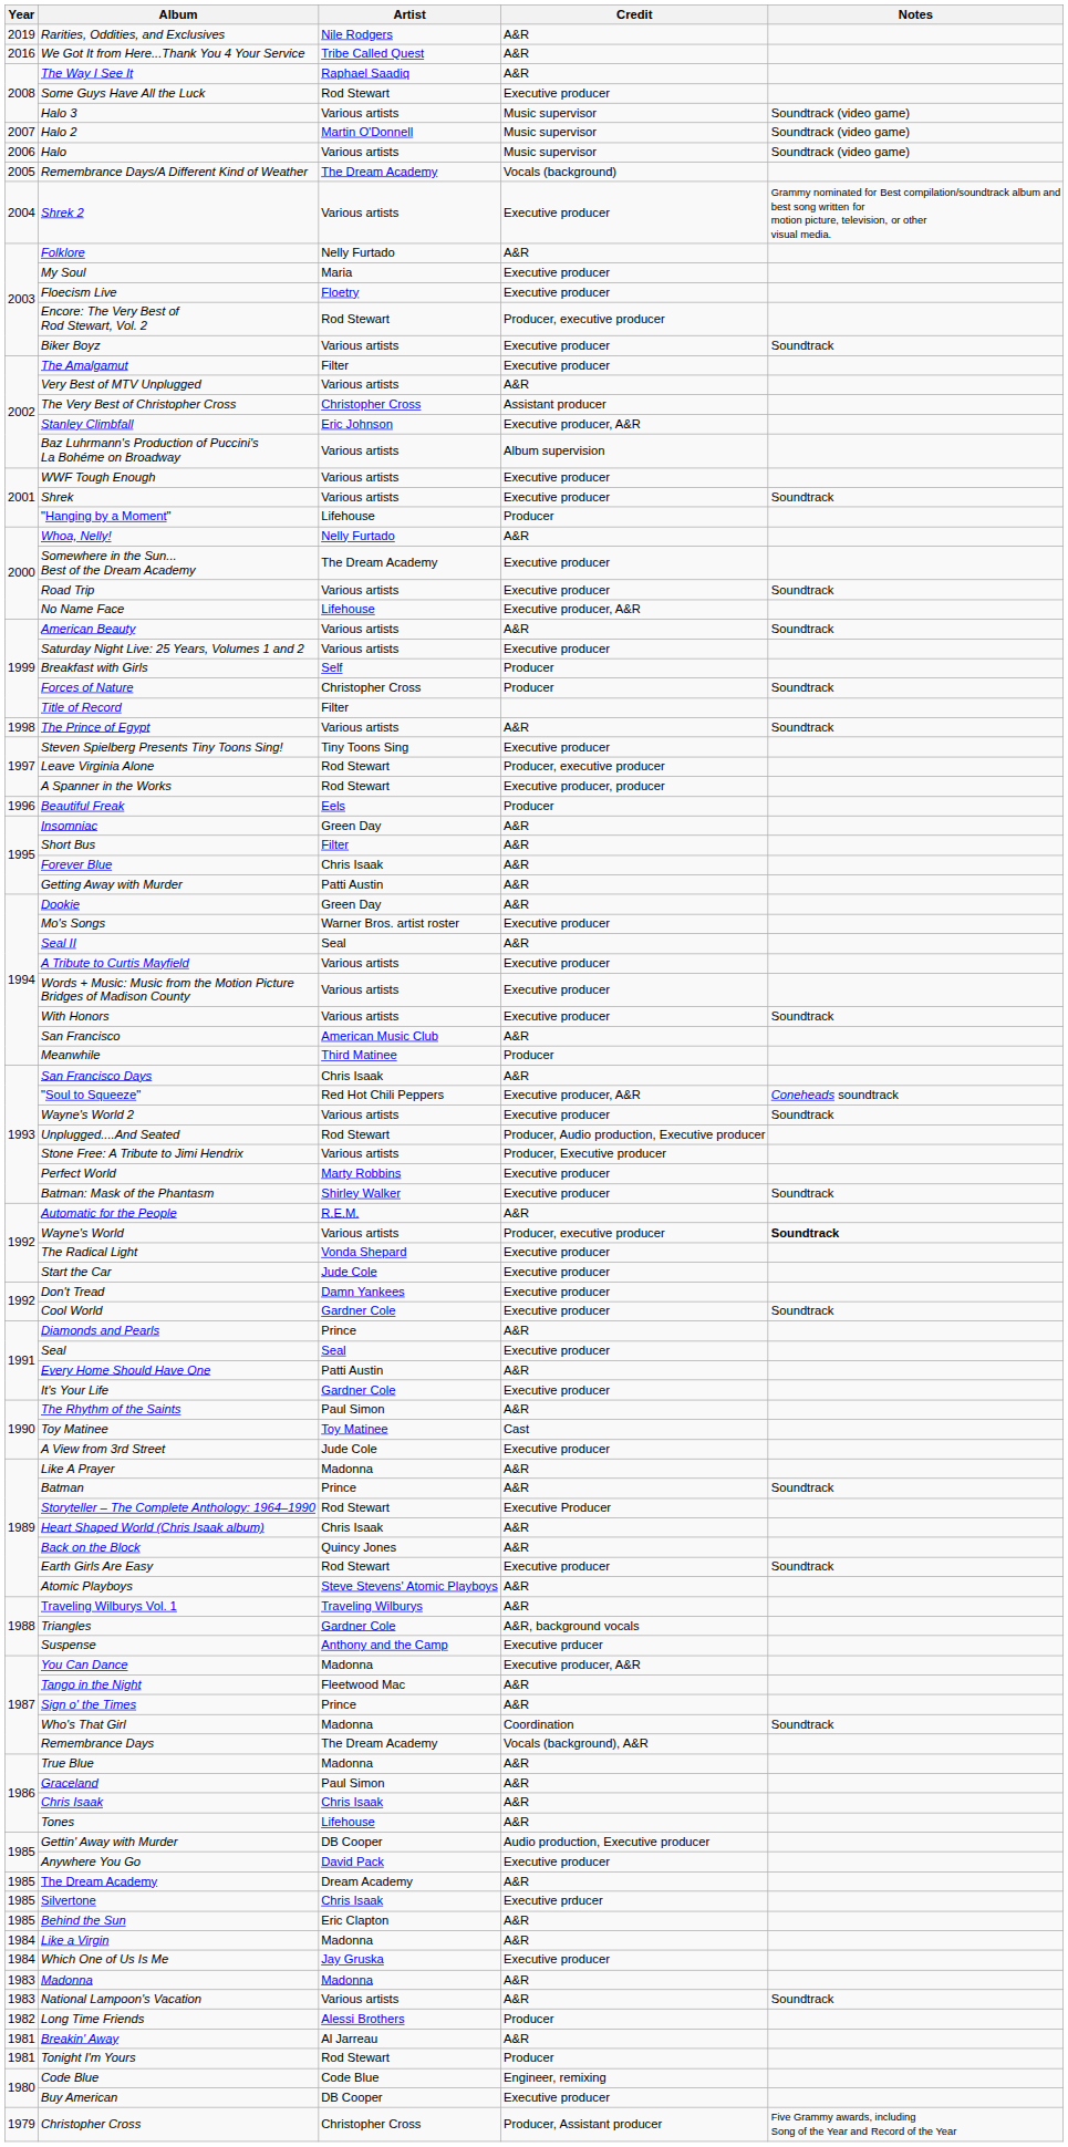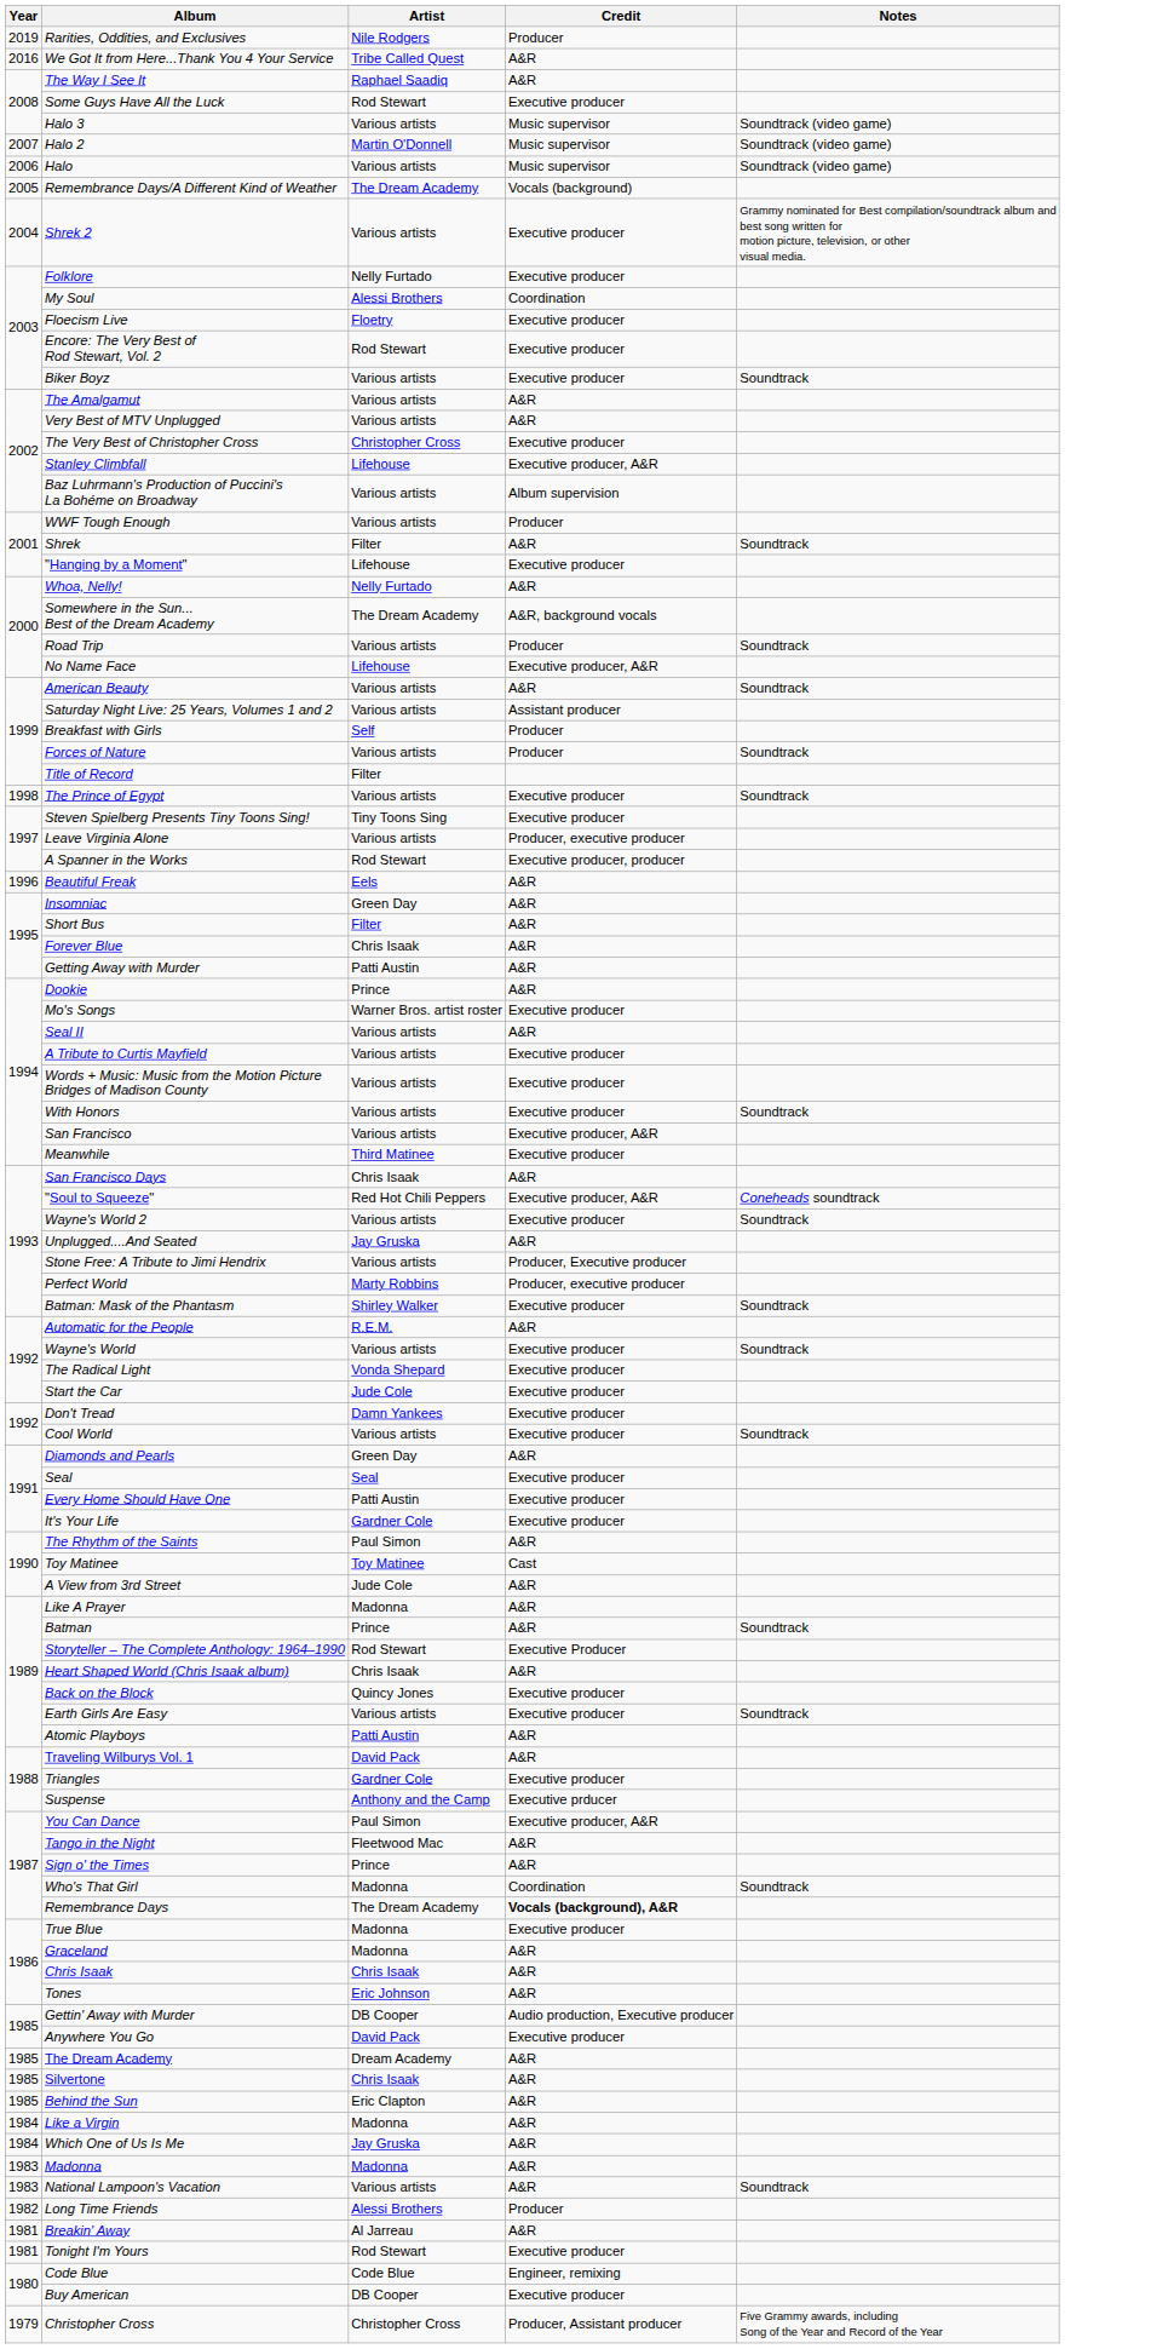 <table class="wikitable sortable">
 <tr>
 <th>Year</th>
 <th>Album</th>
 <th>Artist</th>
 <th>Credit</th>
 <th>Notes</th>
 </tr>
 <tr>
 <td>2019</td>
 <td><em>Rarities, Oddities, and Exclusives</em></td>
 <td><a href='#'>Nile Rodgers</a></td>
-<td>A&R</td>
+<td>Producer</td>
 <td></td>
 </tr>
 <tr>
 <td>2016</td>
 <td><em>We Got It from Here...Thank You 4 Your Service</em></td>
 <td><a href='#'>Tribe Called Quest</a></td>
 <td>A&R</td>
 <td></td>
 </tr>
 <tr>
 <td rowspan="3">2008</td>
 <td><em><a href='#'>The Way I See It</a></em></td>
 <td><a href='#'>Raphael Saadiq</a></td>
 <td>A&R</td>
 <td></td>
 </tr>
 <tr>
 <td><em>Some Guys Have All the Luck</em></td>
 <td>Rod Stewart</td>
 <td>Executive producer</td>
 <td></td>
 </tr>
 <tr>
 <td><em>Halo 3</em></td>
 <td>Various artists</td>
 <td>Music supervisor</td>
 <td>Soundtrack (video game)</td>
 </tr>
 <tr>
 <td>2007</td>
 <td><em>Halo 2</em></td>
 <td><a href='#'>Martin O'Donnell</a></td>
 <td>Music supervisor</td>
 <td>Soundtrack (video game)</td>
 </tr>
 <tr>
 <td>2006</td>
 <td><em>Halo</em></td>
 <td>Various artists</td>
 <td>Music supervisor</td>
 <td>Soundtrack (video game)</td>
 </tr>
 <tr>
 <td>2005</td>
 <td><em>Remembrance Days/A Different Kind of Weather</em></td>
 <td><a href='#'>The Dream Academy</a></td>
 <td>Vocals (background)</td>
 <td></td>
 </tr>
 <tr>
 <td>2004</td>
 <td><em><a href='#'>Shrek 2</a></em></td>
 <td>Various artists</td>
 <td>Executive producer</td>
 <td><small>Grammy nominated for</small> <small>Best compilation/</small><small>soundtrack album and</small><br><small>best song written</small> <small>for<br> motion picture, television,</small> <small>or other <br>visual media.</small></td>
 </tr>
 <tr>
 <td rowspan="5">2003</td>
 <td><a href='#'><em>Folklore</em></a></td>
 <td>Nelly Furtado</td>
-<td>A&R</td>
+<td>Executive producer</td>
 <td></td>
 </tr>
 <tr>
 <td><em>My Soul</em></td>
-<td>Maria</td>
-<td>Executive producer</td>
+<td><a href='#'>Alessi Brothers</a></td>
+<td>Coordination</td>
 <td></td>
 </tr>
 <tr>
 <td><em>Floecism Live</em></td>
 <td><a href='#'>Floetry</a></td>
 <td>Executive producer</td>
 <td></td>
 </tr>
 <tr>
 <td><em>Encore: The Very Best of <br>Rod Stewart, Vol. 2</em></td>
 <td>Rod Stewart</td>
-<td>Producer, executive producer</td>
+<td>Executive producer</td>
 <td></td>
 </tr>
 <tr>
 <td><em>Biker Boyz</em></td>
 <td>Various artists</td>
 <td>Executive producer</td>
 <td>Soundtrack</td>
 </tr>
 <tr>
 <td rowspan="5">2002</td>
 <td><em><a href='#'>The Amalgamut</a></em></td>
-<td>Filter</td>
-<td>Executive producer</td>
+<td>Various artists</td>
+<td>A&R</td>
 <td></td>
 </tr>
 <tr>
 <td><em>Very Best of MTV Unplugged</em></td>
 <td>Various artists</td>
 <td>A&R</td>
 <td></td>
 </tr>
 <tr>
 <td><em>The Very Best of Christopher Cross</em></td>
 <td><a href='#'>Christopher Cross</a></td>
-<td>Assistant producer</td>
+<td>Executive producer</td>
 <td></td>
 </tr>
 <tr>
 <td><em><a href='#'>Stanley Climbfall</a></em></td>
-<td><a href='#'>Eric Johnson</a></td>
+<td><a href='#'>Lifehouse</a></td>
 <td>Executive producer, A&R</td>
 <td></td>
 </tr>
 <tr>
 <td><em>Baz Luhrmann's Production of Puccini's <br>La Bohéme on Broadway</em></td>
 <td>Various artists</td>
 <td>Album supervision</td>
 <td></td>
 </tr>
 <tr>
 <td rowspan="3">2001</td>
 <td><em>WWF Tough Enough</em></td>
 <td>Various artists</td>
-<td>Executive producer</td>
+<td>Producer</td>
 <td></td>
 </tr>
 <tr>
 <td><em>Shrek</em></td>
-<td>Various artists</td>
-<td>Executive producer</td>
+<td>Filter</td>
+<td>A&R</td>
 <td>Soundtrack</td>
 </tr>
 <tr>
 <td>"<a href='#'>Hanging by a Moment</a>"</td>
 <td>Lifehouse</td>
-<td>Producer</td>
+<td>Executive producer</td>
 <td></td>
 </tr>
 <tr>
 <td rowspan="4">2000</td>
 <td><em><a href='#'>Whoa, Nelly!</a></em></td>
 <td><a href='#'>Nelly Furtado</a></td>
 <td>A&R</td>
 <td></td>
 </tr>
 <tr>
 <td><em>Somewhere in the Sun... <br> Best of the Dream Academy</em></td>
 <td>The Dream Academy</td>
-<td>Executive producer</td>
+<td>A&R, background vocals</td>
 <td></td>
 </tr>
 <tr>
 <td><em>Road Trip</em></td>
 <td>Various artists</td>
-<td>Executive producer</td>
+<td>Producer</td>
 <td>Soundtrack</td>
 </tr>
 <tr>
 <td><em>No Name Face</em></td>
 <td><a href='#'>Lifehouse</a></td>
 <td>Executive producer, A&R</td>
 <td></td>
 </tr>
 <tr>
 <td rowspan="5">1999</td>
 <td><a href='#'><em>American Beauty</em></a></td>
 <td>Various artists</td>
 <td>A&R</td>
 <td>Soundtrack</td>
 </tr>
 <tr>
 <td><em>Saturday Night Live: 25 Years, Volumes 1 and 2</em></td>
 <td>Various artists</td>
-<td>Executive producer</td>
+<td>Assistant producer</td>
 <td></td>
 </tr>
 <tr>
 <td><em>Breakfast with Girls</em></td>
 <td><a href='#'>Self</a></td>
 <td>Producer</td>
 <td></td>
 </tr>
 <tr>
 <td><a href='#'><em>Forces of Nature</em></a></td>
-<td>Christopher Cross</td>
+<td>Various artists</td>
 <td>Producer</td>
 <td>Soundtrack</td>
 </tr>
 <tr>
 <td><em><a href='#'>Title of Record</a></em></td>
 <td>Filter</td>
 <td></td>
 <td></td>
 </tr>
 <tr>
 <td>1998</td>
 <td><a href='#'><em>The Prince of Egypt</em></a></td>
 <td>Various artists</td>
-<td>A&R</td>
+<td>Executive producer</td>
 <td>Soundtrack</td>
 </tr>
 <tr>
 <td rowspan="3">1997</td>
 <td><em>Steven Spielberg Presents Tiny Toons Sing!</em></td>
 <td>Tiny Toons Sing</td>
 <td>Executive producer</td>
 <td></td>
 </tr>
 <tr>
 <td><em>Leave Virginia Alone</em></td>
-<td>Rod Stewart</td>
+<td>Various artists</td>
 <td>Producer, executive producer</td>
 <td></td>
 </tr>
 <tr>
 <td><em>A Spanner in the Works</em></td>
 <td>Rod Stewart</td>
 <td>Executive producer, producer</td>
 <td></td>
 </tr>
 <tr>
 <td>1996</td>
 <td><em><a href='#'>Beautiful Freak</a></em></td>
 <td><a href='#'>Eels</a></td>
-<td>Producer</td>
+<td>A&R</td>
 <td></td>
 </tr>
 <tr>
 <td rowspan="4">1995</td>
 <td><a href='#'><em>Insomniac</em></a></td>
 <td>Green Day</td>
 <td>A&R</td>
 <td></td>
 </tr>
 <tr>
 <td><em>Short Bus</em></td>
 <td><a href='#'>Filter</a></td>
 <td>A&R</td>
 <td></td>
 </tr>
 <tr>
 <td><a href='#'><em>Forever Blue</em></a></td>
 <td>Chris Isaak</td>
 <td>A&R</td>
 <td></td>
 </tr>
 <tr>
 <td><em>Getting Away with Murder</em></td>
 <td>Patti Austin</td>
 <td>A&R</td>
 <td></td>
 </tr>
 <tr>
 <td rowspan="8">1994</td>
 <td><em><a href='#'>Dookie</a></em></td>
-<td>Green Day</td>
+<td>Prince</td>
 <td>A&R</td>
 <td></td>
 </tr>
 <tr>
 <td><em>Mo's Songs</em></td>
 <td>Warner Bros. artist roster</td>
 <td>Executive producer</td>
 <td></td>
 </tr>
 <tr>
 <td><em><a href='#'>Seal II</a></em></td>
-<td>Seal</td>
+<td>Various artists</td>
 <td>A&R</td>
 <td></td>
 </tr>
 <tr>
 <td><em><a href='#'>A Tribute to Curtis Mayfield</a></em></td>
 <td>Various artists</td>
 <td>Executive producer</td>
 <td></td>
 </tr>
 <tr>
 <td><em>Words + Music: Music from the Motion Picture<br>Bridges of Madison County</em></td>
 <td>Various artists</td>
 <td>Executive producer</td>
 <td></td>
 </tr>
 <tr>
 <td><em>With Honors</em></td>
 <td>Various artists</td>
 <td>Executive producer</td>
 <td>Soundtrack</td>
 </tr>
 <tr>
 <td><em>San Francisco</em></td>
-<td><a href='#'>American Music Club</a></td>
-<td>A&R</td>
+<td>Various artists</td>
+<td>Executive producer, A&R</td>
 <td></td>
 </tr>
 <tr>
 <td><em>Meanwhile</em></td>
 <td><a href='#'>Third Matinee</a></td>
-<td>Producer</td>
+<td>Executive producer</td>
 <td></td>
 </tr>
 <tr>
 <td rowspan="7">1993</td>
 <td><em><a href='#'>San Francisco Days</a></em></td>
 <td>Chris Isaak</td>
 <td>A&R</td>
 <td></td>
 </tr>
 <tr>
 <td>"<a href='#'>Soul to Squeeze</a>"</td>
 <td>Red Hot Chili Peppers</td>
 <td>Executive producer, A&R</td>
 <td><a href='#'><em>Coneheads</em></a> soundtrack</td>
 </tr>
 <tr>
 <td><em>Wayne's World 2</em></td>
 <td>Various artists</td>
 <td>Executive producer</td>
 <td>Soundtrack</td>
 </tr>
 <tr>
 <td><em>Unplugged....And Seated</em></td>
-<td>Rod Stewart</td>
-<td>Producer, Audio production, Executive producer</td>
+<td><a href='#'>Jay Gruska</a></td>
+<td>A&R</td>
 <td></td>
 </tr>
 <tr>
 <td><em>Stone Free: A Tribute to Jimi Hendrix</em></td>
 <td>Various artists</td>
 <td>Producer, Executive producer</td>
 <td></td>
 </tr>
 <tr>
 <td><em>Perfect World</em></td>
 <td><a href='#'>Marty Robbins</a></td>
-<td>Executive producer</td>
+<td>Producer, executive producer</td>
 <td></td>
 </tr>
 <tr>
 <td><em>Batman: Mask of the Phantasm</em></td>
 <td><a href='#'>Shirley Walker</a></td>
 <td>Executive producer</td>
 <td>Soundtrack</td>
 </tr>
 <tr>
 <td rowspan="4">1992</td>
 <td><em><a href='#'>Automatic for the People</a></em></td>
 <td><a href='#'>R.E.M.</a></td>
 <td>A&R</td>
 <td></td>
 </tr>
 <tr>
 <td><em>Wayne's World</em></td>
 <td>Various artists</td>
-<td>Producer, executive producer</td>
-<td><strong>Soundtrack</strong></td>
+<td>Executive producer</td>
+<td>Soundtrack</td>
 </tr>
 <tr>
 <td><em>The Radical Light</em></td>
 <td><a href='#'>Vonda Shepard</a></td>
 <td>Executive producer</td>
 <td></td>
 </tr>
 <tr>
 <td><em>Start the Car</em></td>
 <td><a href='#'>Jude Cole</a></td>
 <td>Executive producer</td>
 <td></td>
 </tr>
 <tr>
 <td rowspan="2">1992</td>
 <td><em>Don't Tread</em></td>
 <td><a href='#'>Damn Yankees</a></td>
 <td>Executive producer</td>
 <td></td>
 </tr>
 <tr>
 <td><em>Cool World</em></td>
-<td><a href='#'>Gardner Cole</a></td>
+<td>Various artists</td>
 <td>Executive producer</td>
 <td>Soundtrack</td>
 </tr>
 <tr>
 <td rowspan="4">1991</td>
 <td><em><a href='#'>Diamonds and Pearls</a></em></td>
-<td>Prince</td>
+<td>Green Day</td>
 <td>A&R</td>
 <td></td>
 </tr>
 <tr>
 <td><em>Seal</em></td>
 <td><a href='#'>Seal</a></td>
 <td>Executive producer</td>
 <td></td>
 </tr>
 <tr>
 <td><a href='#'><em>Every Home Should Have One</em></a></td>
 <td>Patti Austin</td>
-<td>A&R</td>
+<td>Executive producer</td>
 <td></td>
 </tr>
 <tr>
 <td><em>It's Your Life</em></td>
 <td><a href='#'>Gardner Cole</a></td>
 <td>Executive producer</td>
 <td></td>
 </tr>
 <tr>
 <td rowspan="3">1990</td>
 <td><em><a href='#'>The Rhythm of the Saints</a></em></td>
 <td>Paul Simon</td>
 <td>A&R</td>
 <td></td>
 </tr>
 <tr>
 <td><em>Toy Matinee</em></td>
 <td><a href='#'>Toy Matinee</a></td>
 <td>Cast</td>
 <td></td>
 </tr>
 <tr>
 <td><em>A View from 3rd Street</em></td>
 <td>Jude Cole</td>
-<td>Executive producer</td>
+<td>A&R</td>
 <td></td>
 </tr>
 <tr>
 <td rowspan="7">1989</td>
 <td><em>Like A Prayer</em></td>
 <td>Madonna</td>
 <td>A&R</td>
 <td></td>
 </tr>
 <tr>
 <td><em>Batman</em></td>
 <td>Prince</td>
 <td>A&R</td>
 <td>Soundtrack</td>
 </tr>
 <tr>
 <td><em><a href='#'>Storyteller – The Complete Anthology: 1964–1990</a></em></td>
 <td>Rod Stewart</td>
 <td>Executive Producer</td>
 <td></td>
 </tr>
 <tr>
 <td><em><a href='#'>Heart Shaped World (Chris Isaak album)</a></em></td>
 <td>Chris Isaak</td>
 <td>A&R</td>
 <td></td>
 </tr>
 <tr>
 <td><em><a href='#'>Back on the Block</a></em></td>
 <td>Quincy Jones</td>
-<td>A&R</td>
+<td>Executive producer</td>
 <td></td>
 </tr>
 <tr>
 <td><em>Earth Girls Are Easy</em></td>
-<td>Rod Stewart</td>
+<td>Various artists</td>
 <td>Executive producer</td>
 <td>Soundtrack</td>
 </tr>
 <tr>
 <td><em>Atomic Playboys</em></td>
-<td><a href='#'>Steve Stevens' Atomic Playboys</a></td>
+<td><a href='#'>Patti Austin</a></td>
 <td>A&R</td>
 <td></td>
 </tr>
 <tr>
 <td rowspan="3">1988</td>
 <td><a href='#'>Traveling Wilburys Vol. 1</a></td>
-<td><a href='#'>Traveling Wilburys</a></td>
+<td><a href='#'>David Pack</a></td>
 <td>A&R</td>
 <td></td>
 </tr>
 <tr>
 <td><em>Triangles</em></td>
 <td><a href='#'>Gardner Cole</a></td>
-<td>A&R, background vocals</td>
+<td>Executive producer</td>
 <td></td>
 </tr>
 <tr>
 <td><em>Suspense</em></td>
 <td><a href='#'>Anthony and the Camp</a></td>
 <td>Executive prducer</td>
 <td></td>
 </tr>
 <tr>
 <td rowspan="5">1987</td>
 <td><em><a href='#'>You Can Dance</a></em></td>
-<td>Madonna</td>
+<td>Paul Simon</td>
 <td>Executive producer, A&R</td>
 <td></td>
 </tr>
 <tr>
 <td><em><a href='#'>Tango in the Night</a></em></td>
 <td>Fleetwood Mac</td>
 <td>A&R</td>
 <td></td>
 </tr>
 <tr>
 <td><em><a href='#'>Sign o' the Times</a></em></td>
 <td>Prince</td>
 <td>A&R</td>
 <td></td>
 </tr>
 <tr>
 <td><em>Who's That Girl</em></td>
 <td>Madonna</td>
 <td>Coordination</td>
 <td>Soundtrack</td>
 </tr>
 <tr>
 <td><em>Remembrance Days</em></td>
 <td>The Dream Academy</td>
-<td>Vocals (background), A&R</td>
+<td><strong>Vocals (background), A&R</strong></td>
 <td></td>
 </tr>
 <tr>
 <td rowspan="4">1986</td>
 <td><em>True Blue</em></td>
 <td>Madonna</td>
-<td>A&R</td>
+<td>Executive producer</td>
 <td></td>
 </tr>
 <tr>
 <td><a href='#'><em>Graceland</em></a></td>
-<td>Paul Simon</td>
+<td>Madonna</td>
 <td>A&R</td>
 <td></td>
 </tr>
 <tr>
 <td><a href='#'><em>Chris Isaak</em></a></td>
 <td><a href='#'>Chris Isaak</a></td>
 <td>A&R</td>
 <td></td>
 </tr>
 <tr>
 <td><em>Tones</em></td>
-<td><a href='#'>Lifehouse</a></td>
+<td><a href='#'>Eric Johnson</a></td>
 <td>A&R</td>
 <td></td>
 </tr>
 <tr>
 <td rowspan="2">1985</td>
 <td><em>Gettin' Away with Murder</em></td>
 <td>DB Cooper</td>
 <td>Audio production, Executive producer</td>
 <td></td>
 </tr>
 <tr>
 <td><em>Anywhere You Go</em></td>
 <td><a href='#'>David Pack</a></td>
 <td>Executive producer</td>
 <td></td>
 </tr>
 <tr>
 <td>1985</td>
 <td><a href='#'>The Dream Academy</a></td>
 <td>Dream Academy</td>
 <td>A&R</td>
 <td></td>
 </tr>
 <tr>
 <td>1985</td>
 <td><a href='#'>Silvertone</a></td>
 <td><a href='#'>Chris Isaak</a></td>
-<td>Executive prducer</td>
+<td>A&R</td>
 <td></td>
 </tr>
 <tr>
 <td>1985</td>
 <td><a href='#'><em>Behind the Sun</em></a></td>
 <td>Eric Clapton</td>
 <td>A&R</td>
 <td></td>
 </tr>
 <tr>
 <td>1984</td>
 <td><a href='#'><em>Like a Virgin</em></a></td>
 <td>Madonna</td>
 <td>A&R</td>
 <td></td>
 </tr>
 <tr>
 <td>1984</td>
 <td><em>Which One of Us Is Me</em></td>
 <td><a href='#'>Jay Gruska</a></td>
-<td>Executive producer</td>
+<td>A&R</td>
 <td></td>
 </tr>
 <tr>
 <td>1983</td>
 <td><a href='#'><em>Madonna</em></a></td>
 <td><a href='#'>Madonna</a></td>
 <td>A&R</td>
 <td></td>
 </tr>
 <tr>
 <td>1983</td>
 <td><em>National Lampoon's Vacation</em></td>
 <td>Various artists</td>
 <td>A&R</td>
 <td>Soundtrack</td>
 </tr>
 <tr>
 <td>1982</td>
 <td><em>Long Time Friends</em></td>
 <td><a href='#'>Alessi Brothers</a></td>
 <td>Producer</td>
 <td></td>
 </tr>
 <tr>
 <td>1981</td>
 <td><a href='#'><em>Breakin' Away</em></a></td>
 <td>Al Jarreau</td>
 <td>A&R</td>
 <td></td>
 </tr>
 <tr>
 <td>1981</td>
 <td><em>Tonight I'm Yours</em></td>
 <td>Rod Stewart</td>
-<td>Producer</td>
+<td>Executive producer</td>
 <td></td>
 </tr>
 <tr>
 <td rowspan="2">1980</td>
 <td><em>Code Blue</em></td>
 <td>Code Blue</td>
 <td>Engineer, remixing</td>
 <td></td>
 </tr>
 <tr>
 <td><em>Buy American</em></td>
 <td>DB Cooper</td>
 <td>Executive producer</td>
 <td></td>
 </tr>
 <tr>
 <td>1979</td>
 <td><em>Christopher Cross</em></td>
 <td>Christopher Cross</td>
 <td>Producer, Assistant producer</td>
 <td><small>Five Grammy awards, including <br>Song of the Year and</small> <small>Record of the Year</small></td>
 </tr>
 </table>
